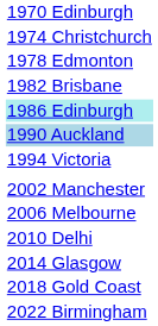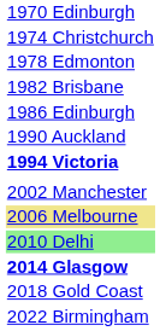 <table>
 <tr>
 <td><a href='#'>1970 Edinburgh</a></td>
 <td></td>
 <td></td>
 <td></td>
 </tr>
 <tr>
 <td><a href='#'>1974 Christchurch</a></td>
 <td></td>
 <td></td>
 <td></td>
 </tr>
 <tr>
 <td><a href='#'>1978 Edmonton</a></td>
 <td></td>
 <td></td>
 <td></td>
 </tr>
 <tr>
 <td><a href='#'>1982 Brisbane</a></td>
 <td></td>
 <td></td>
 <td></td>
 </tr>
 <tr>
-<td style="background: paleturquoise;"><a href='#'>1986 Edinburgh</a></td>
+<td><a href='#'>1986 Edinburgh</a></td>
 <td></td>
 <td></td>
 <td></td>
 </tr>
 <tr>
-<td style="background: lightblue;"><a href='#'>1990 Auckland</a></td>
+<td><a href='#'>1990 Auckland</a></td>
 <td></td>
 <td></td>
 <td></td>
 </tr>
 <tr>
-<td><a href='#'>1994 Victoria</a></td>
+<td><strong><a href='#'>1994 Victoria</a></strong></td>
 <td></td>
 <td></td>
 <td></td>
 </tr>
 <tr>
 <td></td>
 <td></td>
 <td></td>
 <td></td>
 </tr>
 <tr>
 <td><a href='#'>2002 Manchester</a></td>
 <td></td>
 <td></td>
 <td></td>
 </tr>
 <tr>
-<td><a href='#'>2006 Melbourne</a><br></td>
+<td style="background: khaki;"><a href='#'>2006 Melbourne</a><br></td>
 <td></td>
 <td></td>
 <td></td>
 </tr>
 <tr>
-<td><a href='#'>2010 Delhi</a><br></td>
+<td style="background: lightgreen;"><a href='#'>2010 Delhi</a><br></td>
 <td></td>
 <td></td>
 <td></td>
 </tr>
 <tr>
-<td><a href='#'>2014 Glasgow</a><br></td>
+<td><strong><a href='#'>2014 Glasgow</a><br></strong></td>
 <td></td>
 <td></td>
 <td></td>
 </tr>
 <tr>
 <td><a href='#'>2018 Gold Coast</a><br></td>
 <td></td>
 <td></td>
 <td></td>
 </tr>
 <tr>
 <td><a href='#'>2022 Birmingham</a><br></td>
 <td></td>
 <td></td>
 <td></td>
 </tr>
 </table>
